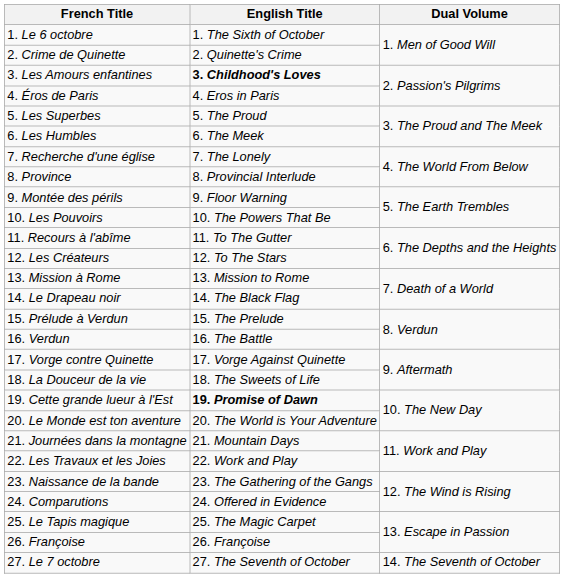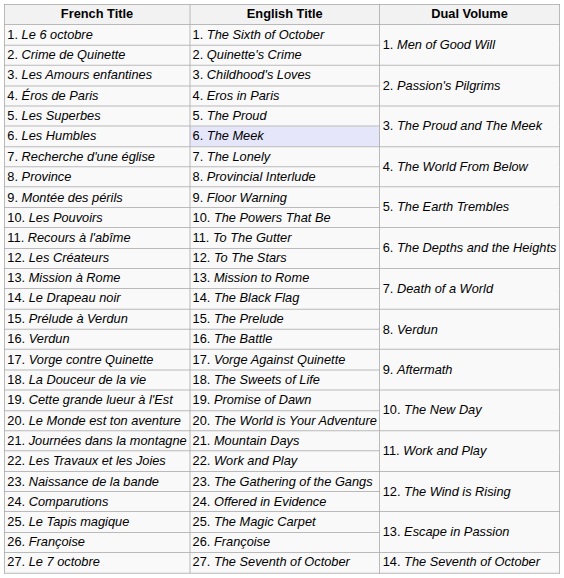 <table class="wikitable">
 <tr>
 <th>French Title</th>
 <th>English Title</th>
 <th>Dual Volume</th>
 </tr>
 <tr>
 <td>1. <em>Le 6 octobre</em></td>
 <td>1. <em>The Sixth of October</em></td>
 <td rowspan=2>1. <em>Men of Good Will</em></td>
 </tr>
 <tr>
 <td>2. <em>Crime de Quinette</em></td>
 <td>2. <em>Quinette's Crime</em></td>
 </tr>
 <tr>
 <td>3. <em>Les Amours enfantines</em></td>
-<td><strong>3. <em>Childhood's Loves</em></strong></td>
+<td>3. <em>Childhood's Loves</em></td>
 <td rowspan=2>2. <em>Passion's Pilgrims</em></td>
 </tr>
 <tr>
 <td>4. <em>Éros de Paris</em></td>
 <td>4. <em>Eros in Paris</em></td>
 </tr>
 <tr>
 <td>5. <em>Les Superbes</em></td>
 <td>5. <em>The Proud</em></td>
 <td rowspan=2>3. <em>The Proud and The Meek</em></td>
 </tr>
 <tr>
 <td>6. <em>Les Humbles</em></td>
-<td>6. <em>The Meek</em></td>
+<td style="background: lavender;">6. <em>The Meek</em></td>
 </tr>
 <tr>
 <td>7. <em>Recherche d'une église</em></td>
 <td>7. <em>The Lonely</em></td>
 <td rowspan=2>4. <em>The World From Below</em></td>
 </tr>
 <tr>
 <td>8. <em>Province</em></td>
 <td>8. <em>Provincial Interlude</em></td>
 </tr>
 <tr>
 <td>9. <em>Montée des périls</em></td>
 <td>9. <em>Floor Warning</em></td>
 <td rowspan=2>5. <em>The Earth Trembles</em></td>
 </tr>
 <tr>
 <td>10. <em>Les Pouvoirs</em></td>
 <td>10. <em>The Powers That Be</em></td>
 </tr>
 <tr>
 <td>11. <em>Recours à l'abîme</em></td>
 <td>11. <em>To The Gutter</em></td>
 <td rowspan=2>6. <em>The Depths and the Heights</em></td>
 </tr>
 <tr>
 <td>12. <em>Les Créateurs</em></td>
 <td>12. <em>To The Stars</em></td>
 </tr>
 <tr>
 <td>13. <em>Mission à Rome</em></td>
 <td>13. <em>Mission to Rome</em></td>
 <td rowspan=2>7. <em>Death of a World</em></td>
 </tr>
 <tr>
 <td>14. <em>Le Drapeau noir</em></td>
 <td>14. <em>The Black Flag</em></td>
 </tr>
 <tr>
 <td>15. <em>Prélude à Verdun</em></td>
 <td>15. <em>The Prelude</em></td>
 <td rowspan=2>8. <em>Verdun</em></td>
 </tr>
 <tr>
 <td>16. <em>Verdun</em></td>
 <td>16. <em>The Battle</em></td>
 </tr>
 <tr>
 <td>17. <em>Vorge contre Quinette</em></td>
 <td>17. <em>Vorge Against Quinette</em></td>
 <td rowspan=2>9. <em>Aftermath</em></td>
 </tr>
 <tr>
 <td>18. <em>La Douceur de la vie</em></td>
 <td>18. <em>The Sweets of Life</em></td>
 </tr>
 <tr>
 <td>19. <em>Cette grande lueur à l'Est</em></td>
-<td><strong>19. <em>Promise of Dawn</em></strong></td>
+<td>19. <em>Promise of Dawn</em></td>
 <td rowspan=2>10. <em>The New Day</em></td>
 </tr>
 <tr>
 <td>20. <em>Le Monde est ton aventure</em></td>
 <td>20. <em>The World is Your Adventure</em></td>
 </tr>
 <tr>
 <td>21. <em>Journées dans la montagne</em></td>
 <td>21. <em>Mountain Days</em></td>
 <td rowspan=2>11. <em>Work and Play</em></td>
 </tr>
 <tr>
 <td>22. <em>Les Travaux et les Joies</em></td>
 <td>22. <em>Work and Play</em></td>
 </tr>
 <tr>
 <td>23. <em>Naissance de la bande</em></td>
 <td>23. <em>The Gathering of the Gangs</em></td>
 <td rowspan=2>12. <em>The Wind is Rising</em></td>
 </tr>
 <tr>
 <td>24. <em>Comparutions</em></td>
 <td>24. <em>Offered in Evidence</em></td>
 </tr>
 <tr>
 <td>25. <em>Le Tapis magique</em></td>
 <td>25. <em>The Magic Carpet</em></td>
 <td rowspan=2>13. <em>Escape in Passion</em></td>
 </tr>
 <tr>
 <td>26. <em>Françoise</em></td>
 <td>26. <em> Françoise </em></td>
 </tr>
 <tr>
 <td>27. <em>Le 7 octobre</em></td>
 <td>27. <em>The Seventh of October</em></td>
 <td>14. <em>The Seventh of October</em></td>
 </tr>
 </table>
